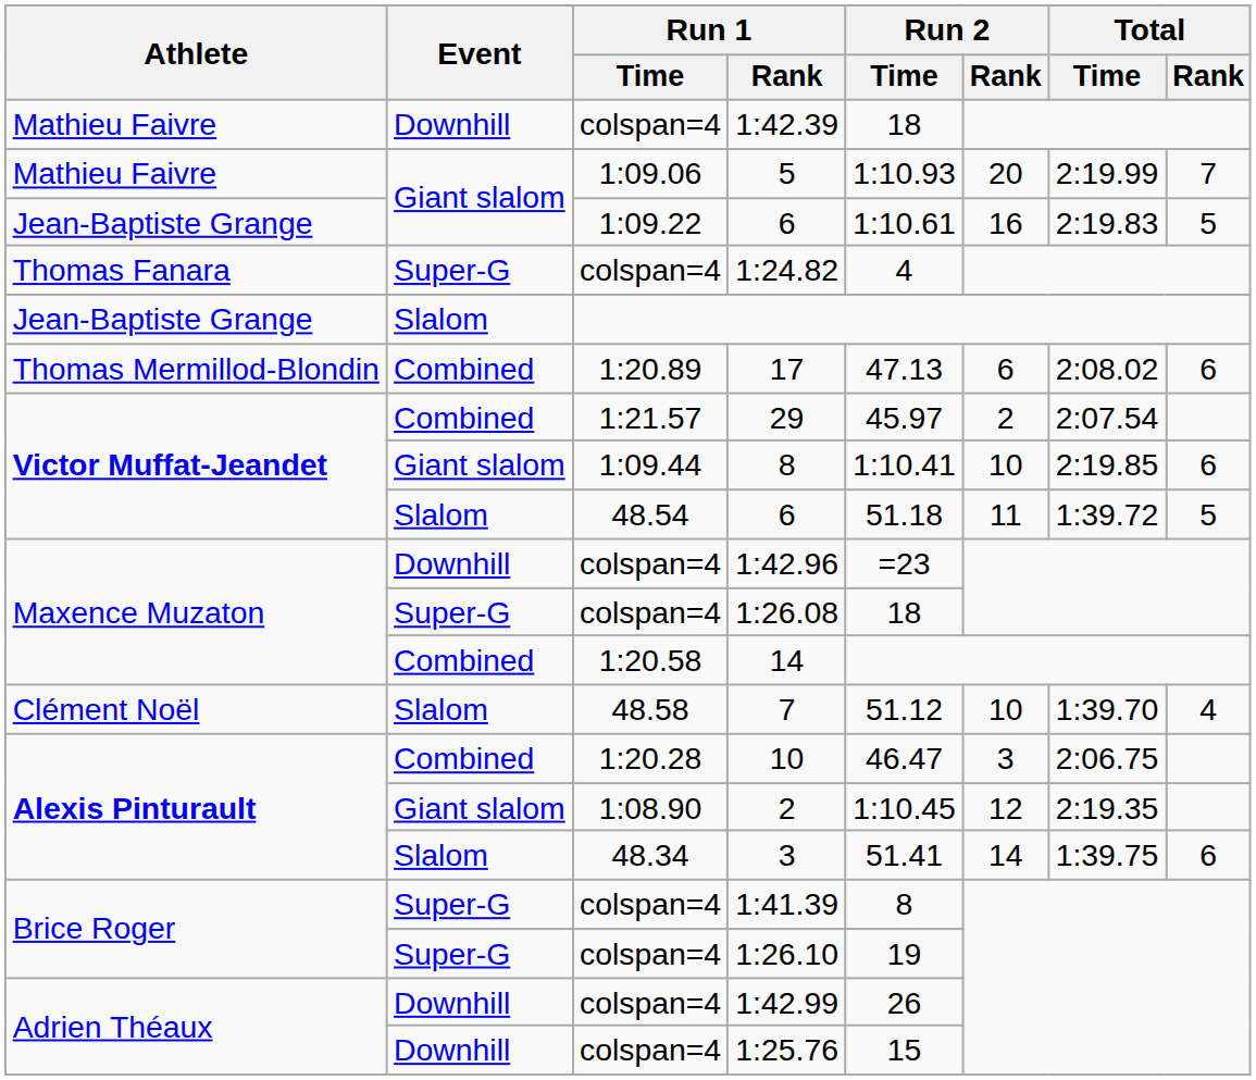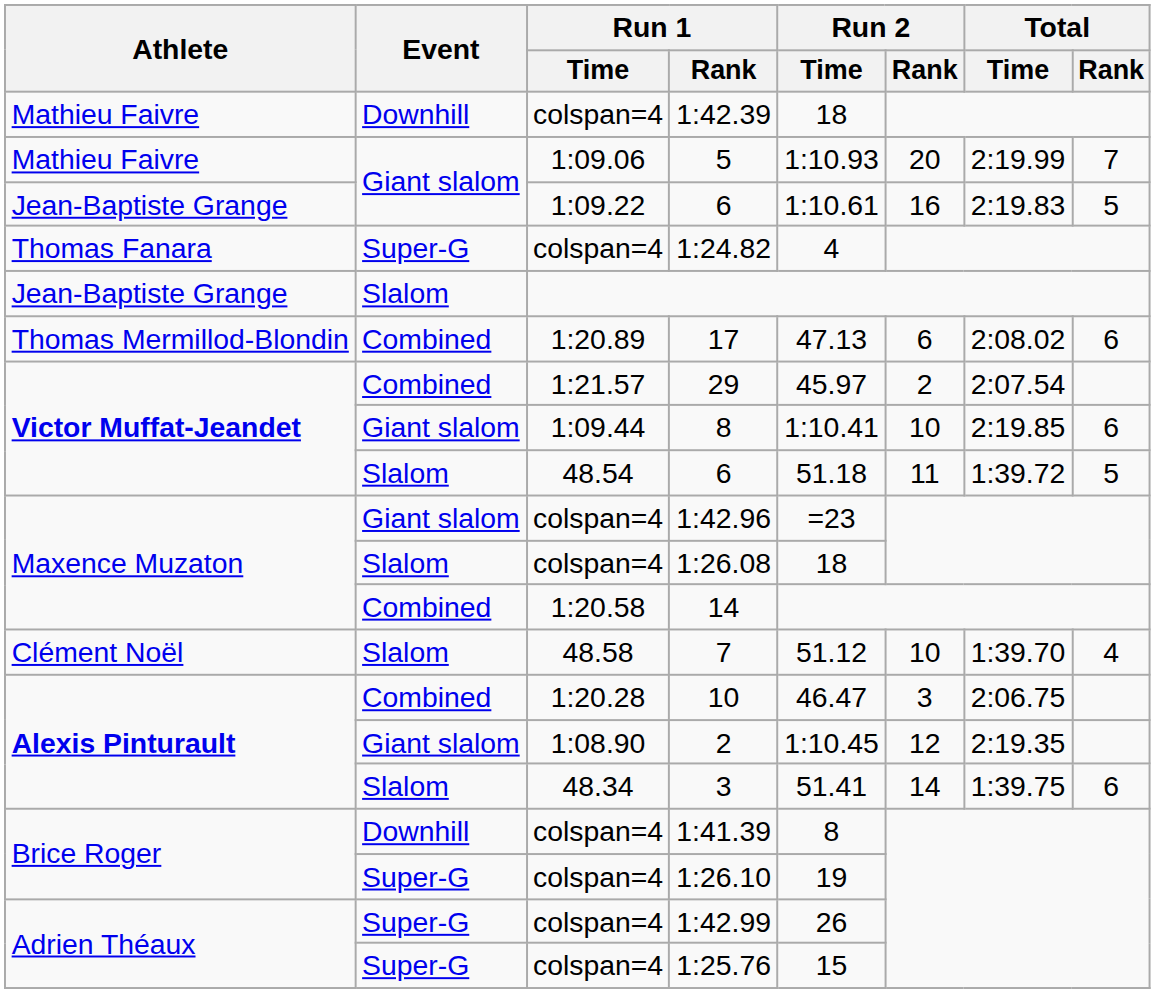 <table class="wikitable" style="font-size:90%">
 <tr>
 <th rowspan=2>Athlete</th>
 <th rowspan=2>Event</th>
 <th colspan=2>Run 1</th>
 <th colspan=2>Run 2</th>
 <th colspan=2>Total</th>
 </tr>
 <tr style="font-size:95%">
 <th>Time</th>
 <th>Rank</th>
 <th>Time</th>
 <th>Rank</th>
 <th>Time</th>
 <th>Rank</th>
 </tr>
 <tr align=center>
 <td align=left><a href='#'>Mathieu Faivre</a></td>
 <td align=left><a href='#'>Downhill</a></td>
 <td>colspan=4 </td>
 <td>1:42.39</td>
 <td>18</td>
 </tr>
 <tr align=center>
 <td align=left><a href='#'>Mathieu Faivre</a></td>
 <td align=left rowspan=2><a href='#'>Giant slalom</a></td>
 <td>1:09.06</td>
 <td>5</td>
 <td>1:10.93</td>
 <td>20</td>
 <td>2:19.99</td>
 <td>7</td>
 </tr>
 <tr align=center>
 <td align=left><a href='#'>Jean-Baptiste Grange</a></td>
 <td>1:09.22</td>
 <td>6</td>
 <td>1:10.61</td>
 <td>16</td>
 <td>2:19.83</td>
 <td>5</td>
 </tr>
 <tr align=center>
 <td align=left><a href='#'>Thomas Fanara</a></td>
 <td align=left><a href='#'>Super-G</a></td>
 <td>colspan=4 </td>
 <td>1:24.82</td>
 <td>4</td>
 </tr>
 <tr align=center>
 <td align=left><a href='#'>Jean-Baptiste Grange</a></td>
 <td align=left><a href='#'>Slalom</a></td>
 <td colspan=6></td>
 </tr>
 <tr align=center>
 <td align=left><a href='#'>Thomas Mermillod-Blondin</a></td>
 <td align=left><a href='#'>Combined</a></td>
 <td>1:20.89</td>
 <td>17</td>
 <td>47.13</td>
 <td>6</td>
 <td>2:08.02</td>
 <td>6</td>
 </tr>
 <tr align=center>
 <td align=left rowspan=3><strong><a href='#'>Victor Muffat-Jeandet</a></strong></td>
 <td align=left><a href='#'>Combined</a></td>
 <td>1:21.57</td>
 <td>29</td>
 <td>45.97</td>
 <td>2</td>
 <td>2:07.54</td>
 <td></td>
 </tr>
 <tr align=center>
 <td align=left><a href='#'>Giant slalom</a></td>
 <td>1:09.44</td>
 <td>8</td>
 <td>1:10.41</td>
 <td>10</td>
 <td>2:19.85</td>
 <td>6</td>
 </tr>
 <tr align=center>
 <td align=left><a href='#'>Slalom</a></td>
 <td>48.54</td>
 <td>6</td>
 <td>51.18</td>
 <td>11</td>
 <td>1:39.72</td>
 <td>5</td>
 </tr>
 <tr align=center>
 <td align=left rowspan=3><a href='#'>Maxence Muzaton</a></td>
-<td align=left><a href='#'>Downhill</a></td>
+<td align=left><a href='#'>Giant slalom</a></td>
 <td>colspan=4 </td>
 <td>1:42.96</td>
 <td>=23</td>
 </tr>
 <tr align=center>
-<td align=left><a href='#'>Super-G</a></td>
+<td align=left><a href='#'>Slalom</a></td>
 <td>colspan=4 </td>
 <td>1:26.08</td>
 <td>18</td>
 </tr>
 <tr align=center>
 <td align=left><a href='#'>Combined</a></td>
 <td>1:20.58</td>
 <td>14</td>
 <td colspan=4></td>
 </tr>
 <tr align=center>
 <td align=left><a href='#'>Clément Noël</a></td>
 <td align=left><a href='#'>Slalom</a></td>
 <td>48.58</td>
 <td>7</td>
 <td>51.12</td>
 <td>10</td>
 <td>1:39.70</td>
 <td>4</td>
 </tr>
 <tr align=center>
 <td align=left rowspan=3><strong><a href='#'>Alexis Pinturault</a></strong></td>
 <td align=left><a href='#'>Combined</a></td>
 <td>1:20.28</td>
 <td>10</td>
 <td>46.47</td>
 <td>3</td>
 <td>2:06.75</td>
 <td></td>
 </tr>
 <tr align=center>
 <td align=left><a href='#'>Giant slalom</a></td>
 <td>1:08.90</td>
 <td>2</td>
 <td>1:10.45</td>
 <td>12</td>
 <td>2:19.35</td>
 <td></td>
 </tr>
 <tr align=center>
 <td align=left><a href='#'>Slalom</a></td>
 <td>48.34</td>
 <td>3</td>
 <td>51.41</td>
 <td>14</td>
 <td>1:39.75</td>
 <td>6</td>
 </tr>
 <tr align=center>
 <td align=left rowspan=2><a href='#'>Brice Roger</a></td>
-<td align=left><a href='#'>Super-G</a></td>
+<td align=left><a href='#'>Downhill</a></td>
 <td>colspan=4 </td>
 <td>1:41.39</td>
 <td>8</td>
 </tr>
 <tr align=center>
 <td align=left><a href='#'>Super-G</a></td>
 <td>colspan=4 </td>
 <td>1:26.10</td>
 <td>19</td>
 </tr>
 <tr align=center>
 <td align=left rowspan=2><a href='#'>Adrien Théaux</a></td>
-<td align=left><a href='#'>Downhill</a></td>
+<td align=left><a href='#'>Super-G</a></td>
 <td>colspan=4 </td>
 <td>1:42.99</td>
 <td>26</td>
 </tr>
 <tr align=center>
-<td align=left><a href='#'>Downhill</a></td>
+<td align=left><a href='#'>Super-G</a></td>
 <td>colspan=4 </td>
 <td>1:25.76</td>
 <td>15</td>
 </tr>
 </table>
